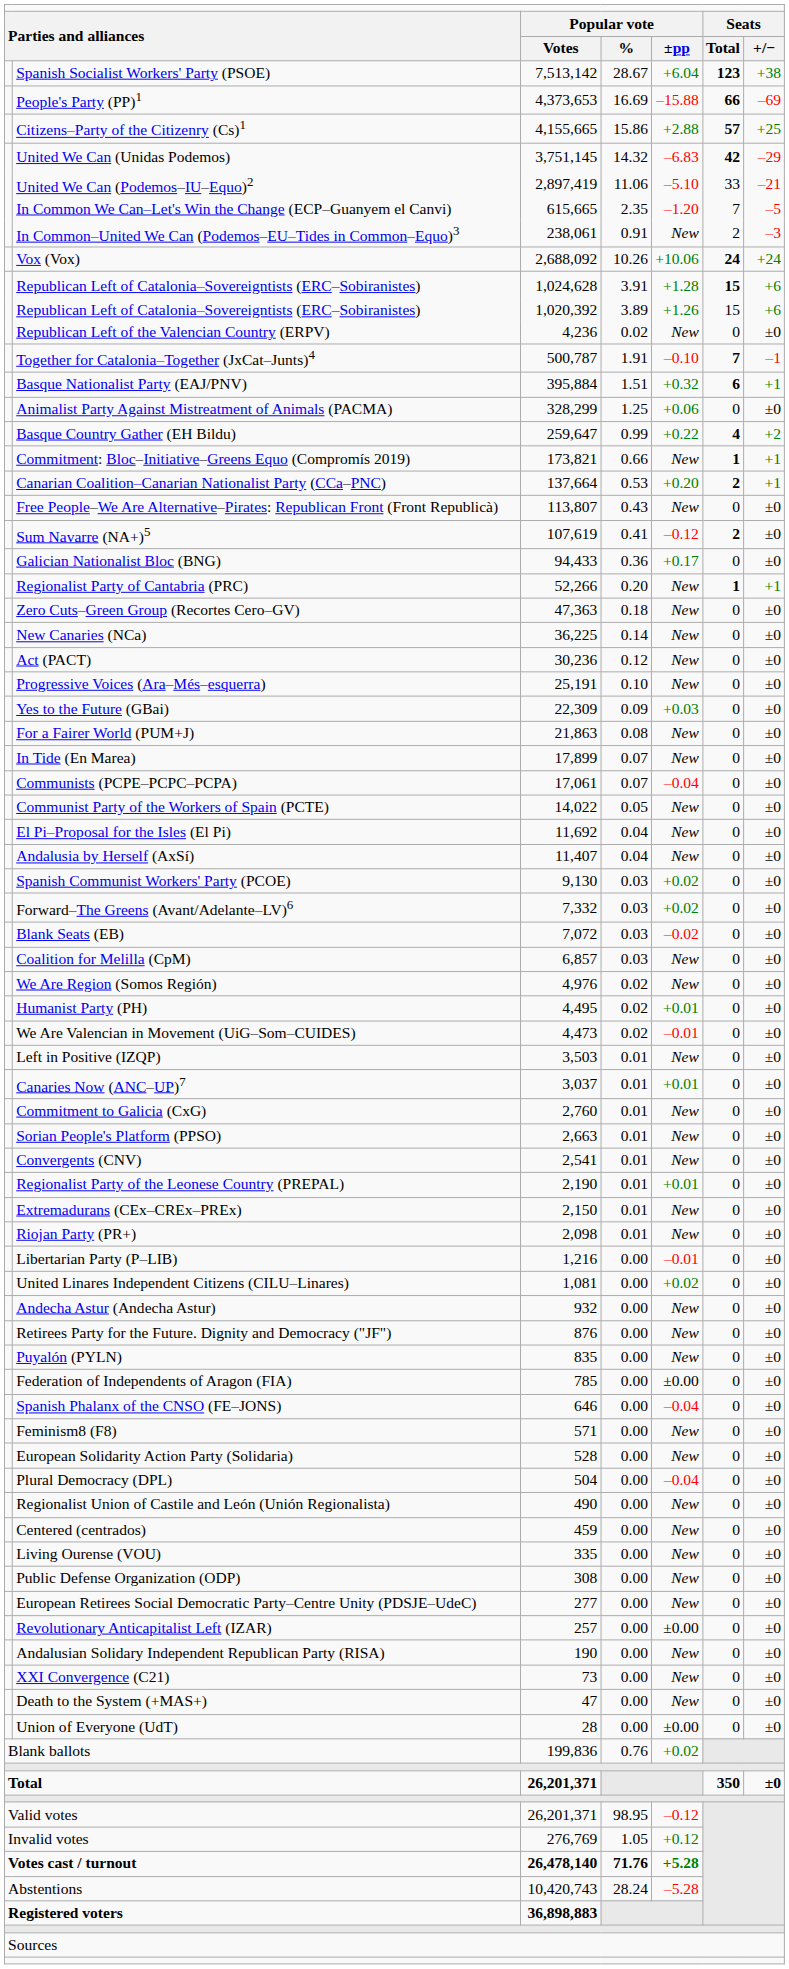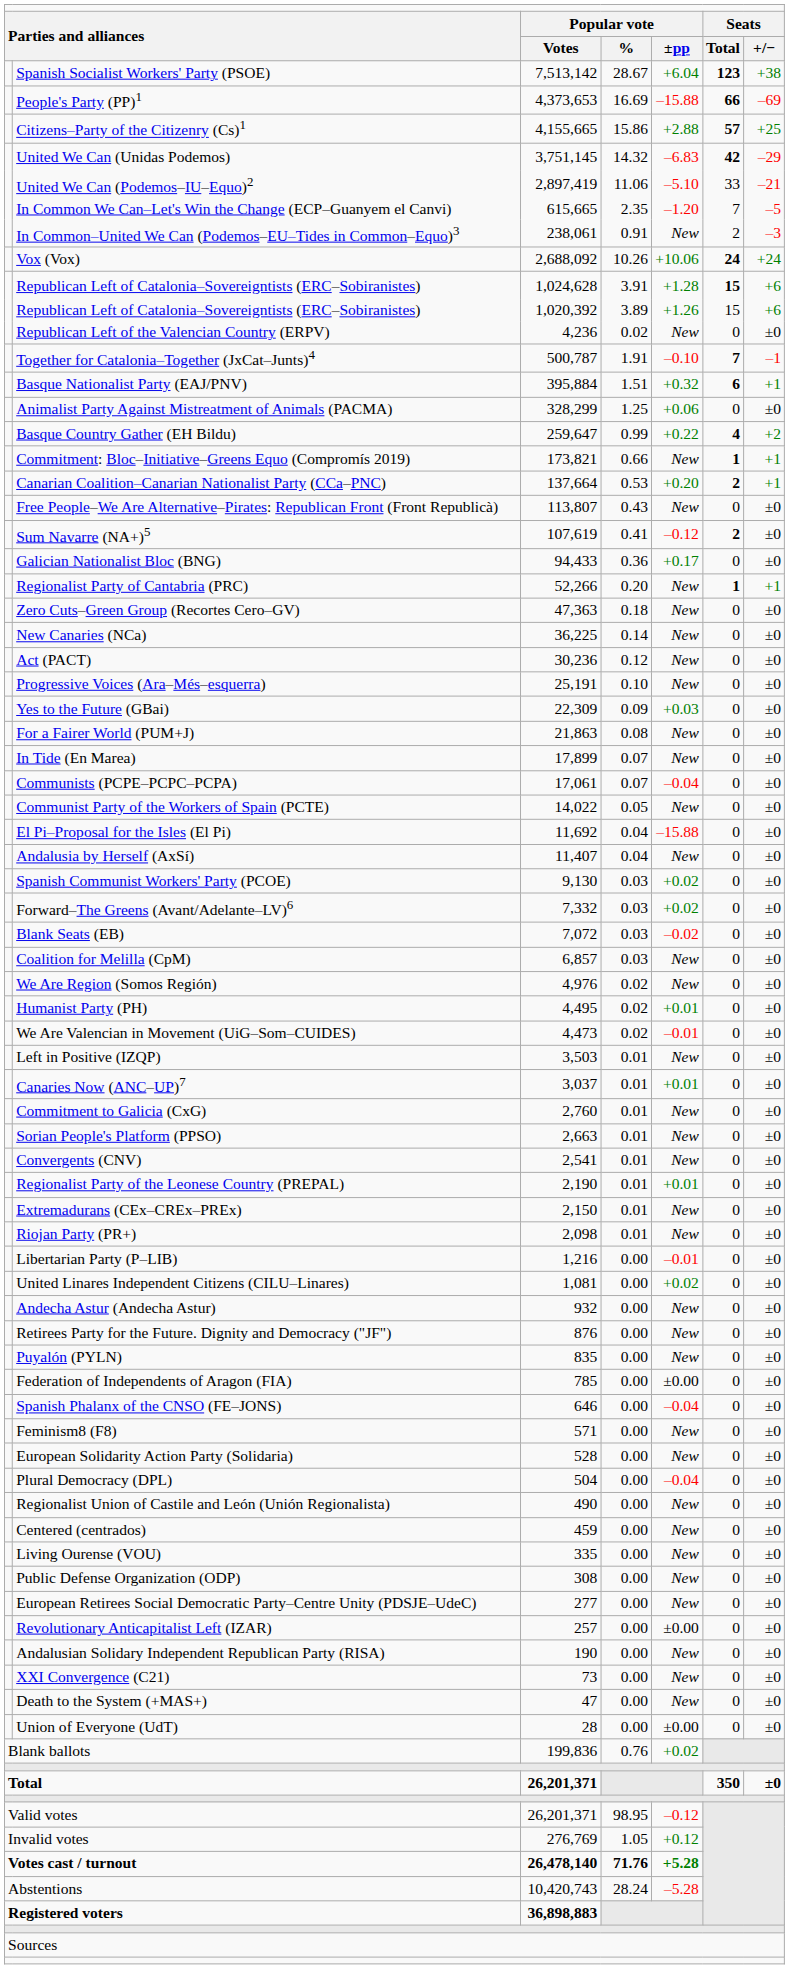 <table class="wikitable" style="text-align:right;">
 <tr>
 <td colspan="7"></td>
 </tr>
 <tr>
 <th style="text-align:left;" rowspan="2" colspan="2" width="525">Parties and alliances</th>
 <th colspan="3">Popular vote</th>
 <th colspan="2">Seats</th>
 </tr>
 <tr>
 <th width="75">Votes</th>
 <th width="45">%</th>
 <th width="45">±<a href='#'>pp</a></th>
 <th width="35">Total</th>
 <th width="35">+/−</th>
 </tr>
 <tr>
 <td width="1" style="color:inherit;background:"></td>
 <td align="left"><a href='#'>Spanish Socialist Workers' Party</a> (PSOE)</td>
 <td>7,513,142</td>
 <td>28.67</td>
 <td style="color:green;">+6.04</td>
 <td><strong>123</strong></td>
 <td style="color:green;">+38</td>
 </tr>
 <tr>
 <td style="color:inherit;background:"></td>
 <td align="left"><a href='#'>People's Party</a> (PP)<sup>1</sup></td>
 <td>4,373,653</td>
 <td>16.69</td>
 <td style="color:red;">–15.88</td>
 <td><strong>66</strong></td>
 <td style="color:red;">–69</td>
 </tr>
 <tr>
 <td style="color:inherit;background:"></td>
 <td align="left"><a href='#'>Citizens–Party of the Citizenry</a> (Cs)<sup>1</sup></td>
 <td>4,155,665</td>
 <td>15.86</td>
 <td style="color:green;">+2.88</td>
 <td><strong>57</strong></td>
 <td style="color:green;">+25</td>
 </tr>
 <tr style="line-height:22px;">
 <td rowspan="4" style="color:inherit;background:"></td>
 <td align="left"><a href='#'>United We Can</a> (Unidas Podemos)</td>
 <td>3,751,145</td>
 <td>14.32</td>
 <td style="color:red;">–6.83</td>
 <td><strong>42</strong></td>
 <td style="color:red;">–29</td>
 </tr>
 <tr style="border-bottom-style:hidden; border-top-style:hidden; line-height:16px;">
 <td align="left"><span><a href='#'>United We Can</a> (<a href='#'>Podemos</a>–<a href='#'>IU</a>–<a href='#'>Equo</a>)<sup>2</sup></span></td>
 <td>2,897,419</td>
 <td>11.06</td>
 <td style="color:red;">–5.10</td>
 <td>33</td>
 <td style="color:red;">–21</td>
 </tr>
 <tr style="border-bottom-style:hidden; line-height:16px;">
 <td align="left"><span><a href='#'>In Common We Can–Let's Win the Change</a> (ECP–Guanyem el Canvi)</span></td>
 <td>615,665</td>
 <td>2.35</td>
 <td style="color:red;">–1.20</td>
 <td>7</td>
 <td style="color:red;">–5</td>
 </tr>
 <tr style="line-height:16px;">
 <td align="left"><span><a href='#'>In Common–United We Can</a> (<a href='#'>Podemos</a>–<a href='#'>EU–Tides in Common</a>–<a href='#'>Equo</a>)<sup>3</sup></span></td>
 <td>238,061</td>
 <td>0.91</td>
 <td><em>New</em></td>
 <td>2</td>
 <td style="color:red;">–3</td>
 </tr>
 <tr>
 <td style="color:inherit;background:"></td>
 <td align="left"><a href='#'>Vox</a> (Vox)</td>
 <td>2,688,092</td>
 <td>10.26</td>
 <td style="color:green;">+10.06</td>
 <td><strong>24</strong></td>
 <td style="color:green;">+24</td>
 </tr>
 <tr style="line-height:22px;">
 <td rowspan="3" style="color:inherit;background:"></td>
 <td align="left"><a href='#'>Republican Left of Catalonia–Sovereigntists</a> (<a href='#'>ERC</a>–<a href='#'>Sobiranistes</a>)</td>
 <td>1,024,628</td>
 <td>3.91</td>
 <td style="color:green;">+1.28</td>
 <td><strong>15</strong></td>
 <td style="color:green;">+6</td>
 </tr>
 <tr style="border-bottom-style:hidden; border-top-style:hidden; line-height:16px;">
 <td align="left"><span><a href='#'>Republican Left of Catalonia–Sovereigntists</a> (<a href='#'>ERC</a>–<a href='#'>Sobiranistes</a>)</span></td>
 <td>1,020,392</td>
 <td>3.89</td>
 <td style="color:green;">+1.26</td>
 <td>15</td>
 <td style="color:green;">+6</td>
 </tr>
 <tr style="line-height:16px;">
 <td align="left"><span><a href='#'>Republican Left of the Valencian Country</a> (ERPV)</span></td>
 <td>4,236</td>
 <td>0.02</td>
 <td><em>New</em></td>
 <td>0</td>
 <td>±0</td>
 </tr>
 <tr>
 <td style="color:inherit;background:"></td>
 <td align="left"><a href='#'>Together for Catalonia–Together</a> (JxCat–Junts)<sup>4</sup></td>
 <td>500,787</td>
 <td>1.91</td>
 <td style="color:red;">–0.10</td>
 <td><strong>7</strong></td>
 <td style="color:red;">–1</td>
 </tr>
 <tr>
 <td style="color:inherit;background:"></td>
 <td align="left"><a href='#'>Basque Nationalist Party</a> (EAJ/PNV)</td>
 <td>395,884</td>
 <td>1.51</td>
 <td style="color:green;">+0.32</td>
 <td><strong>6</strong></td>
 <td style="color:green;">+1</td>
 </tr>
 <tr>
 <td style="color:inherit;background:"></td>
 <td align="left"><a href='#'>Animalist Party Against Mistreatment of Animals</a> (PACMA)</td>
 <td>328,299</td>
 <td>1.25</td>
 <td style="color:green;">+0.06</td>
 <td>0</td>
 <td>±0</td>
 </tr>
 <tr>
 <td style="color:inherit;background:"></td>
 <td align="left"><a href='#'>Basque Country Gather</a> (EH Bildu)</td>
 <td>259,647</td>
 <td>0.99</td>
 <td style="color:green;">+0.22</td>
 <td><strong>4</strong></td>
 <td style="color:green;">+2</td>
 </tr>
 <tr>
 <td style="color:inherit;background:"></td>
 <td align="left"><a href='#'>Commitment</a>: <a href='#'>Bloc</a>–<a href='#'>Initiative</a>–<a href='#'>Greens Equo</a> (Compromís 2019)</td>
 <td>173,821</td>
 <td>0.66</td>
 <td><em>New</em></td>
 <td><strong>1</strong></td>
 <td style="color:green;">+1</td>
 </tr>
 <tr>
 <td style="color:inherit;background:"></td>
 <td align="left"><a href='#'>Canarian Coalition–Canarian Nationalist Party</a> (<a href='#'>CCa</a>–<a href='#'>PNC</a>)</td>
 <td>137,664</td>
 <td>0.53</td>
 <td style="color:green;">+0.20</td>
 <td><strong>2</strong></td>
 <td style="color:green;">+1</td>
 </tr>
 <tr>
 <td style="color:inherit;background:"></td>
 <td align="left"><a href='#'>Free People</a>–<a href='#'>We Are Alternative</a>–<a href='#'>Pirates</a>: <a href='#'>Republican Front</a> (Front Republicà)</td>
 <td>113,807</td>
 <td>0.43</td>
 <td><em>New</em></td>
 <td>0</td>
 <td>±0</td>
 </tr>
 <tr>
 <td style="color:inherit;background:"></td>
 <td align="left"><a href='#'>Sum Navarre</a> (NA+)<sup>5</sup></td>
 <td>107,619</td>
 <td>0.41</td>
 <td style="color:red;">–0.12</td>
 <td><strong>2</strong></td>
 <td>±0</td>
 </tr>
 <tr>
 <td style="color:inherit;background:"></td>
 <td align="left"><a href='#'>Galician Nationalist Bloc</a> (BNG)</td>
 <td>94,433</td>
 <td>0.36</td>
 <td style="color:green;">+0.17</td>
 <td>0</td>
 <td>±0</td>
 </tr>
 <tr>
 <td style="color:inherit;background:"></td>
 <td align="left"><a href='#'>Regionalist Party of Cantabria</a> (PRC)</td>
 <td>52,266</td>
 <td>0.20</td>
 <td><em>New</em></td>
 <td><strong>1</strong></td>
 <td style="color:green;">+1</td>
 </tr>
 <tr>
 <td style="color:inherit;background:"></td>
 <td align="left"><a href='#'>Zero Cuts</a>–<a href='#'>Green Group</a> (Recortes Cero–GV)</td>
 <td>47,363</td>
 <td>0.18</td>
 <td><em>New</em></td>
 <td>0</td>
 <td>±0</td>
 </tr>
 <tr>
 <td style="color:inherit;background:"></td>
 <td align="left"><a href='#'>New Canaries</a> (NCa)</td>
 <td>36,225</td>
 <td>0.14</td>
 <td><em>New</em></td>
 <td>0</td>
 <td>±0</td>
 </tr>
 <tr>
 <td style="color:inherit;background:"></td>
 <td align="left"><a href='#'>Act</a> (PACT)</td>
 <td>30,236</td>
 <td>0.12</td>
 <td><em>New</em></td>
 <td>0</td>
 <td>±0</td>
 </tr>
 <tr>
 <td style="color:inherit;background:"></td>
 <td align="left"><a href='#'>Progressive Voices</a> (<a href='#'>Ara</a>–<a href='#'>Més</a>–<a href='#'>esquerra</a>)</td>
 <td>25,191</td>
 <td>0.10</td>
 <td><em>New</em></td>
 <td>0</td>
 <td>±0</td>
 </tr>
 <tr>
 <td style="color:inherit;background:"></td>
 <td align="left"><a href='#'>Yes to the Future</a> (GBai)</td>
 <td>22,309</td>
 <td>0.09</td>
 <td style="color:green;">+0.03</td>
 <td>0</td>
 <td>±0</td>
 </tr>
 <tr>
 <td style="color:inherit;background:"></td>
 <td align="left"><a href='#'>For a Fairer World</a> (PUM+J)</td>
 <td>21,863</td>
 <td>0.08</td>
 <td><em>New</em></td>
 <td>0</td>
 <td>±0</td>
 </tr>
 <tr>
 <td style="color:inherit;background:"></td>
 <td align="left"><a href='#'>In Tide</a> (En Marea)</td>
 <td>17,899</td>
 <td>0.07</td>
 <td><em>New</em></td>
 <td>0</td>
 <td>±0</td>
 </tr>
 <tr>
 <td style="color:inherit;background:"></td>
 <td align="left"><a href='#'>Communists</a> (PCPE–PCPC–PCPA)</td>
 <td>17,061</td>
 <td>0.07</td>
 <td style="color:red;">–0.04</td>
 <td>0</td>
 <td>±0</td>
 </tr>
 <tr>
 <td style="color:inherit;background:"></td>
 <td align="left"><a href='#'>Communist Party of the Workers of Spain</a> (PCTE)</td>
 <td>14,022</td>
 <td>0.05</td>
 <td><em>New</em></td>
 <td>0</td>
 <td>±0</td>
 </tr>
 <tr>
 <td style="color:inherit;background:"></td>
 <td align="left"><a href='#'>El Pi–Proposal for the Isles</a> (El Pi)</td>
 <td>11,692</td>
 <td>0.04</td>
-<td><em>New</em></td>
+<td style="color:red;">–15.88</td>
 <td>0</td>
 <td>±0</td>
 </tr>
 <tr>
 <td style="color:inherit;background:"></td>
 <td align="left"><a href='#'>Andalusia by Herself</a> (AxSí)</td>
 <td>11,407</td>
 <td>0.04</td>
 <td><em>New</em></td>
 <td>0</td>
 <td>±0</td>
 </tr>
 <tr>
 <td style="color:inherit;background:"></td>
 <td align="left"><a href='#'>Spanish Communist Workers' Party</a> (PCOE)</td>
 <td>9,130</td>
 <td>0.03</td>
 <td style="color:green;">+0.02</td>
 <td>0</td>
 <td>±0</td>
 </tr>
 <tr>
 <td style="color:inherit;background:"></td>
 <td align="left">Forward–<a href='#'>The Greens</a> (Avant/Adelante–LV)<sup>6</sup></td>
 <td>7,332</td>
 <td>0.03</td>
 <td style="color:green;">+0.02</td>
 <td>0</td>
 <td>±0</td>
 </tr>
 <tr>
 <td style="color:inherit;background:"></td>
 <td align="left"><a href='#'>Blank Seats</a> (EB)</td>
 <td>7,072</td>
 <td>0.03</td>
 <td style="color:red;">–0.02</td>
 <td>0</td>
 <td>±0</td>
 </tr>
 <tr>
 <td style="color:inherit;background:"></td>
 <td align="left"><a href='#'>Coalition for Melilla</a> (CpM)</td>
 <td>6,857</td>
 <td>0.03</td>
 <td><em>New</em></td>
 <td>0</td>
 <td>±0</td>
 </tr>
 <tr>
 <td style="color:inherit;background:"></td>
 <td align="left"><a href='#'>We Are Region</a> (Somos Región)</td>
 <td>4,976</td>
 <td>0.02</td>
 <td><em>New</em></td>
 <td>0</td>
 <td>±0</td>
 </tr>
 <tr>
 <td style="color:inherit;background:"></td>
 <td align="left"><a href='#'>Humanist Party</a> (PH)</td>
 <td>4,495</td>
 <td>0.02</td>
 <td style="color:green;">+0.01</td>
 <td>0</td>
 <td>±0</td>
 </tr>
 <tr>
 <td style="color:inherit;background:"></td>
 <td align="left">We Are Valencian in Movement (UiG–Som–CUIDES)</td>
 <td>4,473</td>
 <td>0.02</td>
 <td style="color:red;">–0.01</td>
 <td>0</td>
 <td>±0</td>
 </tr>
 <tr>
 <td style="color:inherit;background:"></td>
 <td align="left">Left in Positive (IZQP)</td>
 <td>3,503</td>
 <td>0.01</td>
 <td><em>New</em></td>
 <td>0</td>
 <td>±0</td>
 </tr>
 <tr>
 <td style="color:inherit;background:"></td>
 <td align="left"><a href='#'>Canaries Now</a> (<a href='#'>ANC</a>–<a href='#'>UP</a>)<sup>7</sup></td>
 <td>3,037</td>
 <td>0.01</td>
 <td style="color:green;">+0.01</td>
 <td>0</td>
 <td>±0</td>
 </tr>
 <tr>
 <td style="color:inherit;background:"></td>
 <td align="left"><a href='#'>Commitment to Galicia</a> (CxG)</td>
 <td>2,760</td>
 <td>0.01</td>
 <td><em>New</em></td>
 <td>0</td>
 <td>±0</td>
 </tr>
 <tr>
 <td style="color:inherit;background:"></td>
 <td align="left"><a href='#'>Sorian People's Platform</a> (PPSO)</td>
 <td>2,663</td>
 <td>0.01</td>
 <td><em>New</em></td>
 <td>0</td>
 <td>±0</td>
 </tr>
 <tr>
 <td style="color:inherit;background:"></td>
 <td align="left"><a href='#'>Convergents</a> (CNV)</td>
 <td>2,541</td>
 <td>0.01</td>
 <td><em>New</em></td>
 <td>0</td>
 <td>±0</td>
 </tr>
 <tr>
 <td style="color:inherit;background:"></td>
 <td align="left"><a href='#'>Regionalist Party of the Leonese Country</a> (PREPAL)</td>
 <td>2,190</td>
 <td>0.01</td>
 <td style="color:green;">+0.01</td>
 <td>0</td>
 <td>±0</td>
 </tr>
 <tr>
 <td style="color:inherit;background:"></td>
 <td align="left"><a href='#'>Extremadurans</a> (CEx–CREx–PREx)</td>
 <td>2,150</td>
 <td>0.01</td>
 <td><em>New</em></td>
 <td>0</td>
 <td>±0</td>
 </tr>
 <tr>
 <td style="color:inherit;background:"></td>
 <td align="left"><a href='#'>Riojan Party</a> (PR+)</td>
 <td>2,098</td>
 <td>0.01</td>
 <td><em>New</em></td>
 <td>0</td>
 <td>±0</td>
 </tr>
 <tr>
 <td style="color:inherit;background:"></td>
 <td align="left">Libertarian Party (P–LIB)</td>
 <td>1,216</td>
 <td>0.00</td>
 <td style="color:red;">–0.01</td>
 <td>0</td>
 <td>±0</td>
 </tr>
 <tr>
 <td style="color:inherit;background:"></td>
 <td align="left">United Linares Independent Citizens (CILU–Linares)</td>
 <td>1,081</td>
 <td>0.00</td>
 <td style="color:green;">+0.02</td>
 <td>0</td>
 <td>±0</td>
 </tr>
 <tr>
 <td style="color:inherit;background:"></td>
 <td align="left"><a href='#'>Andecha Astur</a> (Andecha Astur)</td>
 <td>932</td>
 <td>0.00</td>
 <td><em>New</em></td>
 <td>0</td>
 <td>±0</td>
 </tr>
 <tr>
 <td style="color:inherit;background:"></td>
 <td align="left">Retirees Party for the Future. Dignity and Democracy ("JF")</td>
 <td>876</td>
 <td>0.00</td>
 <td><em>New</em></td>
 <td>0</td>
 <td>±0</td>
 </tr>
 <tr>
 <td style="color:inherit;background:"></td>
 <td align="left"><a href='#'>Puyalón</a> (PYLN)</td>
 <td>835</td>
 <td>0.00</td>
 <td><em>New</em></td>
 <td>0</td>
 <td>±0</td>
 </tr>
 <tr>
 <td style="color:inherit;background:"></td>
 <td align="left">Federation of Independents of Aragon (FIA)</td>
 <td>785</td>
 <td>0.00</td>
 <td>±0.00</td>
 <td>0</td>
 <td>±0</td>
 </tr>
 <tr>
 <td style="color:inherit;background:"></td>
 <td align="left"><a href='#'>Spanish Phalanx of the CNSO</a> (FE–JONS)</td>
 <td>646</td>
 <td>0.00</td>
 <td style="color:red;">–0.04</td>
 <td>0</td>
 <td>±0</td>
 </tr>
 <tr>
 <td style="color:inherit;background:"></td>
 <td align="left">Feminism8 (F8)</td>
 <td>571</td>
 <td>0.00</td>
 <td><em>New</em></td>
 <td>0</td>
 <td>±0</td>
 </tr>
 <tr>
 <td style="color:inherit;background:"></td>
 <td align="left">European Solidarity Action Party (Solidaria)</td>
 <td>528</td>
 <td>0.00</td>
 <td><em>New</em></td>
 <td>0</td>
 <td>±0</td>
 </tr>
 <tr>
 <td style="color:inherit;background:"></td>
 <td align="left">Plural Democracy (DPL)</td>
 <td>504</td>
 <td>0.00</td>
 <td style="color:red;">–0.04</td>
 <td>0</td>
 <td>±0</td>
 </tr>
 <tr>
 <td style="color:inherit;background:"></td>
 <td align="left">Regionalist Union of Castile and León (Unión Regionalista)</td>
 <td>490</td>
 <td>0.00</td>
 <td><em>New</em></td>
 <td>0</td>
 <td>±0</td>
 </tr>
 <tr>
 <td style="color:inherit;background:"></td>
 <td align="left">Centered (centrados)</td>
 <td>459</td>
 <td>0.00</td>
 <td><em>New</em></td>
 <td>0</td>
 <td>±0</td>
 </tr>
 <tr>
 <td style="color:inherit;background:"></td>
 <td align="left">Living Ourense (VOU)</td>
 <td>335</td>
 <td>0.00</td>
 <td><em>New</em></td>
 <td>0</td>
 <td>±0</td>
 </tr>
 <tr>
 <td style="color:inherit;background:"></td>
 <td align="left">Public Defense Organization (ODP)</td>
 <td>308</td>
 <td>0.00</td>
 <td><em>New</em></td>
 <td>0</td>
 <td>±0</td>
 </tr>
 <tr>
 <td style="color:inherit;background:"></td>
 <td align="left">European Retirees Social Democratic Party–Centre Unity (PDSJE–UdeC)</td>
 <td>277</td>
 <td>0.00</td>
 <td><em>New</em></td>
 <td>0</td>
 <td>±0</td>
 </tr>
 <tr>
 <td style="color:inherit;background:"></td>
 <td align="left"><a href='#'>Revolutionary Anticapitalist Left</a> (IZAR)</td>
 <td>257</td>
 <td>0.00</td>
 <td>±0.00</td>
 <td>0</td>
 <td>±0</td>
 </tr>
 <tr>
 <td style="color:inherit;background:"></td>
 <td align="left">Andalusian Solidary Independent Republican Party (RISA)</td>
 <td>190</td>
 <td>0.00</td>
 <td><em>New</em></td>
 <td>0</td>
 <td>±0</td>
 </tr>
 <tr>
 <td style="color:inherit;background:"></td>
 <td align="left"><a href='#'>XXI Convergence</a> (C21)</td>
 <td>73</td>
 <td>0.00</td>
 <td><em>New</em></td>
 <td>0</td>
 <td>±0</td>
 </tr>
 <tr>
 <td style="color:inherit;background:"></td>
 <td align="left">Death to the System (+MAS+)</td>
 <td>47</td>
 <td>0.00</td>
 <td><em>New</em></td>
 <td>0</td>
 <td>±0</td>
 </tr>
 <tr>
 <td style="color:inherit;background:"></td>
 <td align="left">Union of Everyone (UdT)</td>
 <td>28</td>
 <td>0.00</td>
 <td>±0.00</td>
 <td>0</td>
 <td>±0</td>
 </tr>
 <tr>
 <td align="left" colspan="2">Blank ballots</td>
 <td>199,836</td>
 <td>0.76</td>
 <td style="color:green;">+0.02</td>
 <td bgcolor="#E9E9E9" colspan="2"></td>
 </tr>
 <tr>
 <td colspan="7" bgcolor="#E9E9E9"></td>
 </tr>
 <tr style="font-weight:bold;">
 <td align="left" colspan="2">Total</td>
 <td>26,201,371</td>
 <td bgcolor="#E9E9E9" colspan="2"></td>
 <td>350</td>
 <td>±0</td>
 </tr>
 <tr>
 <td colspan="7" bgcolor="#E9E9E9"></td>
 </tr>
 <tr>
 <td align="left" colspan="2">Valid votes</td>
 <td>26,201,371</td>
 <td>98.95</td>
 <td style="color:red;">–0.12</td>
 <td bgcolor="#E9E9E9" colspan="2" rowspan="5"></td>
 </tr>
 <tr>
 <td align="left" colspan="2">Invalid votes</td>
 <td>276,769</td>
 <td>1.05</td>
 <td style="color:green;">+0.12</td>
 </tr>
 <tr style="font-weight:bold;">
 <td align="left" colspan="2">Votes cast / turnout</td>
 <td>26,478,140</td>
 <td>71.76</td>
 <td style="color:green;">+5.28</td>
 </tr>
 <tr>
 <td align="left" colspan="2">Abstentions</td>
 <td>10,420,743</td>
 <td>28.24</td>
 <td style="color:red;">–5.28</td>
 </tr>
 <tr style="font-weight:bold;">
 <td align="left" colspan="2">Registered voters</td>
 <td>36,898,883</td>
 <td bgcolor="#E9E9E9" colspan="2"></td>
 </tr>
 <tr>
 <td colspan="7" bgcolor="#E9E9E9"></td>
 </tr>
 <tr>
 <td align="left" colspan="7">Sources</td>
 </tr>
 <tr>
 <td colspan="7" style="text-align:left; max-width:790px;"></td>
 </tr>
 </table>
